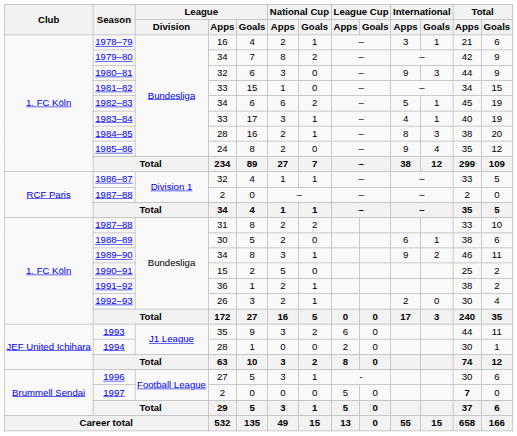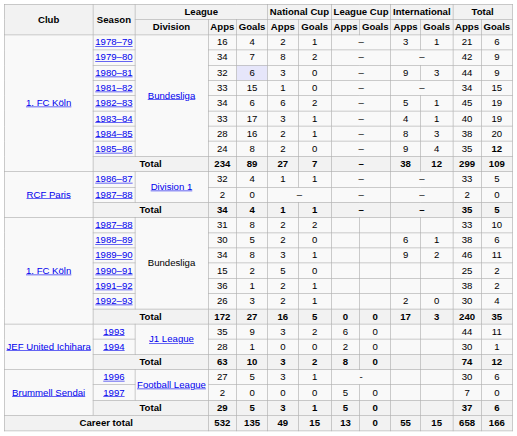 <table class="wikitable" style="text-align:center">
 <tr>
 <th rowspan="2">Club</th>
 <th rowspan="2">Season</th>
 <th colspan="3">League</th>
 <th colspan="2">National Cup</th>
 <th colspan="2">League Cup</th>
 <th colspan="2">International</th>
 <th colspan="3">Total</th>
 </tr>
 <tr>
 <th>Division</th>
 <th>Apps</th>
 <th>Goals</th>
 <th>Apps</th>
 <th>Goals</th>
 <th>Apps</th>
 <th>Goals</th>
 <th>Apps</th>
 <th>Goals</th>
 <th>Apps</th>
 <th>Goals</th>
 </tr>
 <tr>
 <td rowspan="9"><a href='#'>1. FC Köln</a></td>
 <td><a href='#'>1978–79</a></td>
 <td rowspan="8"><a href='#'>Bundesliga</a></td>
 <td>16</td>
 <td>4</td>
 <td>2</td>
 <td>1</td>
 <td colspan="2">–</td>
 <td>3</td>
 <td>1</td>
 <td>21</td>
 <td>6</td>
 </tr>
 <tr>
 <td><a href='#'>1979–80</a></td>
 <td>34</td>
 <td>7</td>
 <td>8</td>
 <td>2</td>
 <td colspan="2">–</td>
 <td colspan="2">–</td>
 <td>42</td>
 <td>9</td>
 </tr>
 <tr>
 <td><a href='#'>1980–81</a></td>
 <td>32</td>
-<td>6</td>
+<td style="background: lavender;">6</td>
 <td>3</td>
 <td>0</td>
 <td colspan="2">–</td>
 <td>9</td>
 <td>3</td>
 <td>44</td>
 <td>9</td>
 </tr>
 <tr>
 <td><a href='#'>1981–82</a></td>
 <td>33</td>
 <td>15</td>
 <td>1</td>
 <td>0</td>
 <td colspan="2">–</td>
 <td colspan="2">–</td>
 <td>34</td>
 <td>15</td>
 </tr>
 <tr>
 <td><a href='#'>1982–83</a></td>
 <td>34</td>
 <td 16>6</td>
 <td>6</td>
 <td>2</td>
 <td colspan="2">–</td>
 <td>5</td>
 <td>1</td>
 <td>45</td>
 <td>19</td>
 </tr>
 <tr>
 <td><a href='#'>1983–84</a></td>
 <td>33</td>
 <td>17</td>
 <td>3</td>
 <td>1</td>
 <td colspan="2">–</td>
 <td>4</td>
 <td>1</td>
 <td>40</td>
 <td>19</td>
 </tr>
 <tr>
 <td><a href='#'>1984–85</a></td>
 <td>28</td>
 <td>16</td>
 <td>2</td>
 <td>1</td>
 <td colspan="2">–</td>
 <td>8</td>
 <td>3</td>
 <td>38</td>
 <td>20</td>
 </tr>
 <tr>
 <td><a href='#'>1985–86</a></td>
 <td>24</td>
 <td>8</td>
 <td>2</td>
 <td>0</td>
 <td colspan="2">–</td>
 <td>9</td>
 <td>4</td>
 <td>35</td>
-<td>12</td>
+<td><strong>12</strong></td>
 </tr>
 <tr>
 <th colspan="2">Total</th>
 <th>234</th>
 <th>89</th>
 <th>27</th>
 <th>7</th>
 <th colspan="2">–</th>
 <th>38</th>
 <th>12</th>
 <th>299</th>
 <th>109</th>
 </tr>
 <tr>
 <td rowspan="3"><a href='#'>RCF Paris</a></td>
 <td><a href='#'>1986–87</a></td>
 <td rowspan="2"><a href='#'>Division 1</a></td>
 <td>32</td>
 <td>4</td>
 <td>1</td>
 <td>1</td>
 <td colspan="2">–</td>
 <td colspan="2">–</td>
 <td>33</td>
 <td>5</td>
 </tr>
 <tr>
 <td><a href='#'>1987–88</a></td>
 <td>2</td>
 <td>0</td>
 <td colspan="2">–</td>
 <td colspan="2">–</td>
 <td colspan="2">–</td>
 <td>2</td>
 <td>0</td>
 </tr>
 <tr>
 <th colspan="2">Total</th>
 <th>34</th>
 <th>4</th>
 <th>1</th>
 <th>1</th>
 <th colspan="2">–</th>
 <th colspan="2">–</th>
 <th>35</th>
 <th>5</th>
 </tr>
 <tr>
 <td rowspan="7"><a href='#'>1. FC Köln</a></td>
 <td><a href='#'>1987–88</a></td>
 <td rowspan="6">Bundesliga</td>
 <td>31</td>
 <td>8</td>
 <td>2</td>
 <td>2</td>
 <td></td>
 <td></td>
 <td></td>
 <td></td>
 <td>33</td>
 <td>10</td>
 </tr>
 <tr>
 <td><a href='#'>1988–89</a></td>
 <td>30</td>
 <td>5</td>
 <td>2</td>
 <td>0</td>
 <td></td>
 <td></td>
 <td>6</td>
 <td>1</td>
 <td>38</td>
 <td>6</td>
 </tr>
 <tr>
 <td><a href='#'>1989–90</a></td>
 <td>34</td>
 <td>8</td>
 <td>3</td>
 <td>1</td>
 <td></td>
 <td></td>
 <td>9</td>
 <td>2</td>
 <td>46</td>
 <td>11</td>
 </tr>
 <tr>
 <td><a href='#'>1990–91</a></td>
 <td>15</td>
 <td>2</td>
 <td>5</td>
 <td>0</td>
 <td></td>
 <td></td>
 <td></td>
 <td></td>
 <td>25</td>
 <td>2</td>
 </tr>
 <tr>
 <td><a href='#'>1991–92</a></td>
 <td>36</td>
 <td>1</td>
 <td>2</td>
 <td>1</td>
 <td></td>
 <td></td>
 <td></td>
 <td></td>
 <td>38</td>
 <td>2</td>
 </tr>
 <tr>
 <td><a href='#'>1992–93</a></td>
 <td>26</td>
 <td>3</td>
 <td>2</td>
 <td>1</td>
 <td></td>
 <td></td>
 <td>2</td>
 <td>0</td>
 <td>30</td>
 <td>4</td>
 </tr>
 <tr>
 <th colspan="2">Total</th>
 <th>172</th>
 <th>27</th>
 <th>16</th>
 <th>5</th>
 <th>0</th>
 <th>0</th>
 <th>17</th>
 <th>3</th>
 <th>240</th>
 <th>35</th>
 </tr>
 <tr>
 <td rowspan="3"><a href='#'>JEF United Ichihara</a></td>
 <td><a href='#'>1993</a></td>
 <td rowspan="2"><a href='#'>J1 League</a></td>
 <td>35</td>
 <td>9</td>
 <td>3</td>
 <td>2</td>
 <td>6</td>
 <td>0</td>
 <td></td>
 <td></td>
 <td>44</td>
 <td>11</td>
 </tr>
 <tr>
 <td><a href='#'>1994</a></td>
 <td>28</td>
 <td>1</td>
 <td>0</td>
 <td>0</td>
 <td>2</td>
 <td>0</td>
 <td></td>
 <td></td>
 <td>30</td>
 <td>1</td>
 </tr>
 <tr>
 <th colspan="2">Total</th>
 <th>63</th>
 <th>10</th>
 <th>3</th>
 <th>2</th>
 <th>8</th>
 <th>0</th>
 <th></th>
 <th></th>
 <th>74</th>
 <th>12</th>
 </tr>
 <tr>
 <td rowspan="3"><a href='#'>Brummell Sendai</a></td>
 <td><a href='#'>1996</a></td>
 <td rowspan="2"><a href='#'>Football League</a></td>
 <td>27</td>
 <td>5</td>
 <td>3</td>
 <td>1</td>
 <td colspan="2">-</td>
 <td></td>
 <td></td>
 <td>30</td>
 <td>6</td>
 </tr>
 <tr>
 <td><a href='#'>1997</a></td>
 <td>2</td>
 <td>0</td>
 <td>0</td>
 <td>0</td>
 <td>5</td>
 <td>0</td>
 <td></td>
 <td></td>
-<td><strong>7</strong></td>
+<td>7</td>
 <td>0</td>
 </tr>
 <tr>
 <th colspan="2">Total</th>
 <th>29</th>
 <th>5</th>
 <th>3</th>
 <th>1</th>
 <th>5</th>
 <th>0</th>
 <th></th>
 <th></th>
 <th>37</th>
 <th>6</th>
 </tr>
 <tr>
 <th colspan="3">Career total</th>
 <th>532</th>
 <th>135</th>
 <th>49</th>
 <th>15</th>
 <th>13</th>
 <th>0</th>
 <th>55</th>
 <th>15</th>
 <th>658</th>
 <th>166</th>
 </tr>
 </table>
